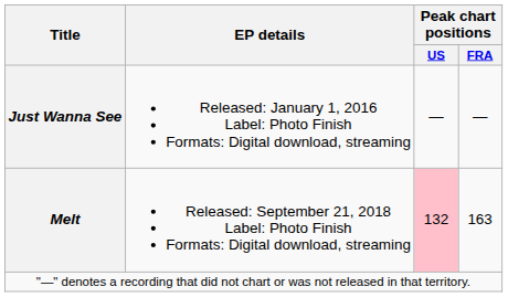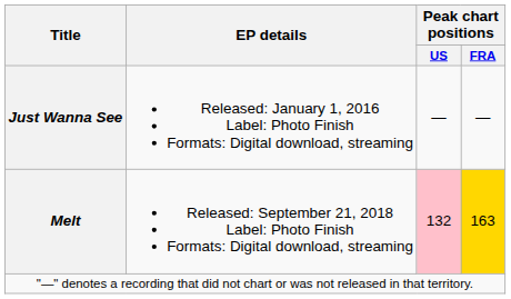 <table class="wikitable plainrowheaders" style="text-align:center;">
 <tr>
 <th scope="col" rowspan="2">Title</th>
 <th scope="col" rowspan="2">EP details</th>
 <th scope="col" colspan="10">Peak chart positions</th>
 </tr>
 <tr>
 <th scope="col" style="width:3em;font-size:85%;"><a href='#'>US</a><br></th>
 <th scope="col" style="width:3em;font-size:85%;"><a href='#'>FRA</a><br></th>
 </tr>
 <tr>
 <th scope="row"><em>Just Wanna See</em></th>
 <td><br><ul><li>Released: January 1, 2016</li><li>Label: Photo Finish</li><li>Formats: Digital download, streaming</li></ul></td>
 <td>—</td>
 <td>—</td>
 </tr>
 <tr>
 <th scope="row"><em>Melt</em></th>
 <td><br><ul><li>Released: September 21, 2018</li><li>Label: Photo Finish</li><li>Formats: Digital download, streaming</li></ul></td>
 <td style="background: pink;">132</td>
-<td>163</td>
+<td style="background: gold;">163</td>
 </tr>
 <tr>
 <td colspan="18" style="font-size:85%;">"—" denotes a recording that did not chart or was not released in that territory.</td>
 </tr>
 </table>
